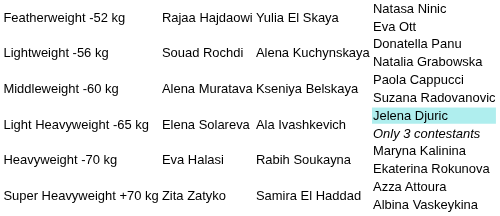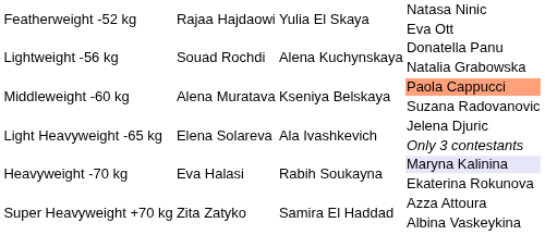 <table>
 <tr>
 <td rowspan=2>Featherweight -52 kg<br></td>
 <td rowspan=2>Rajaa Hajdaowi </td>
 <td rowspan=2>Yulia El Skaya </td>
 <td>Natasa Ninic </td>
 </tr>
 <tr>
 <td>Eva Ott </td>
 </tr>
 <tr>
 <td rowspan=2>Lightweight -56 kg<br></td>
 <td rowspan=2>Souad Rochdi </td>
 <td rowspan=2>Alena Kuchynskaya </td>
 <td>Donatella Panu </td>
 </tr>
 <tr>
 <td>Natalia Grabowska </td>
 </tr>
 <tr>
 <td rowspan=2>Middleweight -60 kg<br></td>
 <td rowspan=2>Alena Muratava </td>
 <td rowspan=2>Kseniya Belskaya </td>
-<td>Paola Cappucci </td>
+<td style="background: lightsalmon;">Paola Cappucci </td>
 </tr>
 <tr>
 <td>Suzana Radovanovic </td>
 </tr>
 <tr>
 <td rowspan=2>Light Heavyweight -65 kg<br></td>
 <td rowspan=2>Elena Solareva </td>
 <td rowspan=2>Ala Ivashkevich </td>
-<td style="background: paleturquoise;">Jelena Djuric </td>
+<td>Jelena Djuric </td>
 </tr>
 <tr>
 <td><em>Only 3 contestants</em></td>
 </tr>
 <tr>
 <td rowspan=2>Heavyweight -70 kg<br></td>
 <td rowspan=2>Eva Halasi </td>
 <td rowspan=2>Rabih Soukayna </td>
-<td>Maryna Kalinina </td>
+<td style="background: lavender;">Maryna Kalinina </td>
 </tr>
 <tr>
 <td>Ekaterina Rokunova </td>
 </tr>
 <tr>
 <td rowspan=2>Super Heavyweight +70 kg<br></td>
 <td rowspan=2>Zita Zatyko </td>
 <td rowspan=2>Samira El Haddad </td>
 <td>Azza Attoura </td>
 </tr>
 <tr>
 <td>Albina Vaskeykina </td>
 </tr>
 <tr>
 </tr>
 </table>
